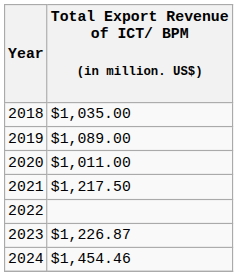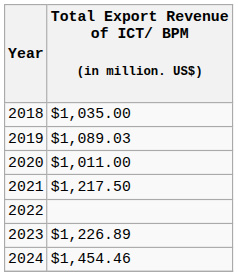 <table class="wikitable">
 <tr>
 <th>Year</th>
 <th>Total Export Revenue <br>of ICT/ BPM <br><h4><small>(in million. US$)</small></h4></th>
 </tr>
 <tr>
 <td>2018</td>
 <td>$1,035.00</td>
 </tr>
 <tr>
 <td>2019</td>
-<td>$1,089.00</td>
+<td>$1,089.03</td>
 </tr>
 <tr>
 <td>2020</td>
 <td>$1,011.00</td>
 </tr>
 <tr>
 <td>2021</td>
 <td>$1,217.50</td>
 </tr>
 <tr>
 <td>2022</td>
 <td></td>
 </tr>
 <tr>
 <td>2023</td>
-<td>$1,226.87</td>
+<td>$1,226.89</td>
 </tr>
 <tr>
 <td>2024</td>
 <td>$1,454.46</td>
 </tr>
 <tr>
 </tr>
 </table>
